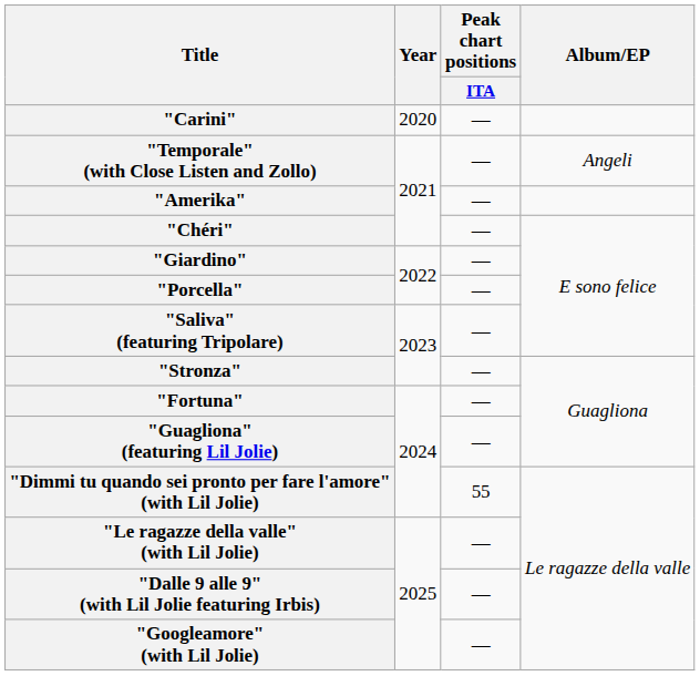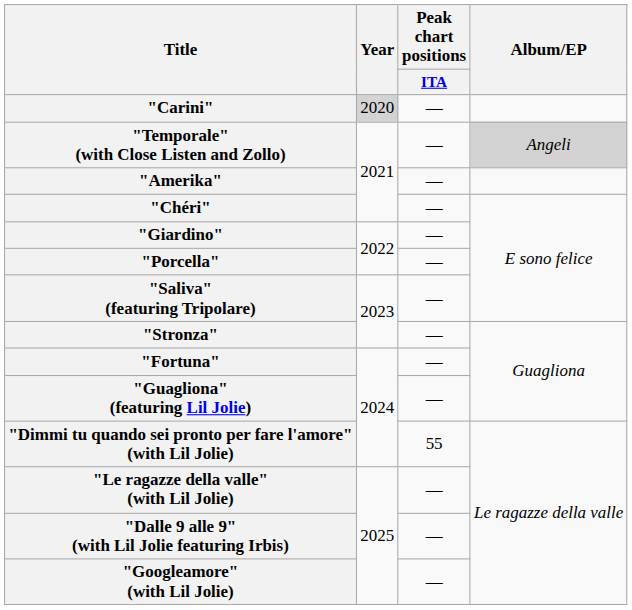 <table class="wikitable plainrowheaders" style="text-align:center;">
 <tr>
 <th scope="col" rowspan="2">Title</th>
 <th scope="col" rowspan="2">Year</th>
 <th scope="col" colspan="1">Peak chart positions</th>
 <th scope="col" rowspan="2">Album/EP</th>
 </tr>
 <tr>
 <th scope="col" style="width:3em;font-size:90%;"><a href='#'>ITA</a><br></th>
 </tr>
 <tr>
 <th scope="row">"Carini"</th>
-<td>2020</td>
+<td style="background: lightgrey;">2020</td>
 <td>—</td>
 <td></td>
 </tr>
 <tr>
 <th scope="row">"Temporale"<br>(with Close Listen and Zollo)</th>
 <td rowspan="3">2021</td>
 <td>—</td>
-<td><em>Angeli</em></td>
+<td style="background: lightgrey;"><em>Angeli</em></td>
 </tr>
 <tr>
 <th scope="row">"Amerika"</th>
 <td>—</td>
 <td></td>
 </tr>
 <tr>
 <th scope="row">"Chéri"</th>
 <td>—</td>
 <td rowspan="4"><em>E sono felice</em></td>
 </tr>
 <tr>
 <th scope="row">"Giardino"</th>
 <td rowspan="2">2022</td>
 <td>—</td>
 </tr>
 <tr>
 <th scope="row">"Porcella"</th>
 <td>—</td>
 </tr>
 <tr>
 <th scope="row">"Saliva"<br>(featuring Tripolare)</th>
 <td rowspan="2">2023</td>
 <td>—</td>
 </tr>
 <tr>
 <th scope="row">"Stronza"</th>
 <td>—</td>
 <td rowspan="3"><em>Guagliona</em></td>
 </tr>
 <tr>
 <th scope="row">"Fortuna"</th>
 <td rowspan="3">2024</td>
 <td>—</td>
 </tr>
 <tr>
 <th scope="row">"Guagliona"<br>(featuring <a href='#'>Lil Jolie</a>)</th>
 <td>—</td>
 </tr>
 <tr>
 <th scope="row">"Dimmi tu quando sei pronto per fare l'amore"<br>(with Lil Jolie)</th>
 <td>55</td>
 <td rowspan="4"><em>Le ragazze della valle</em></td>
 </tr>
 <tr>
 <th scope="row">"Le ragazze della valle"<br>(with Lil Jolie)</th>
 <td rowspan="3">2025</td>
 <td>—</td>
 </tr>
 <tr>
 <th scope="row">"Dalle 9 alle 9"<br>(with Lil Jolie featuring Irbis)</th>
 <td>—</td>
 </tr>
 <tr>
 <th scope="row">"Googleamore"<br>(with Lil Jolie)</th>
 <td>—</td>
 </tr>
 </table>
